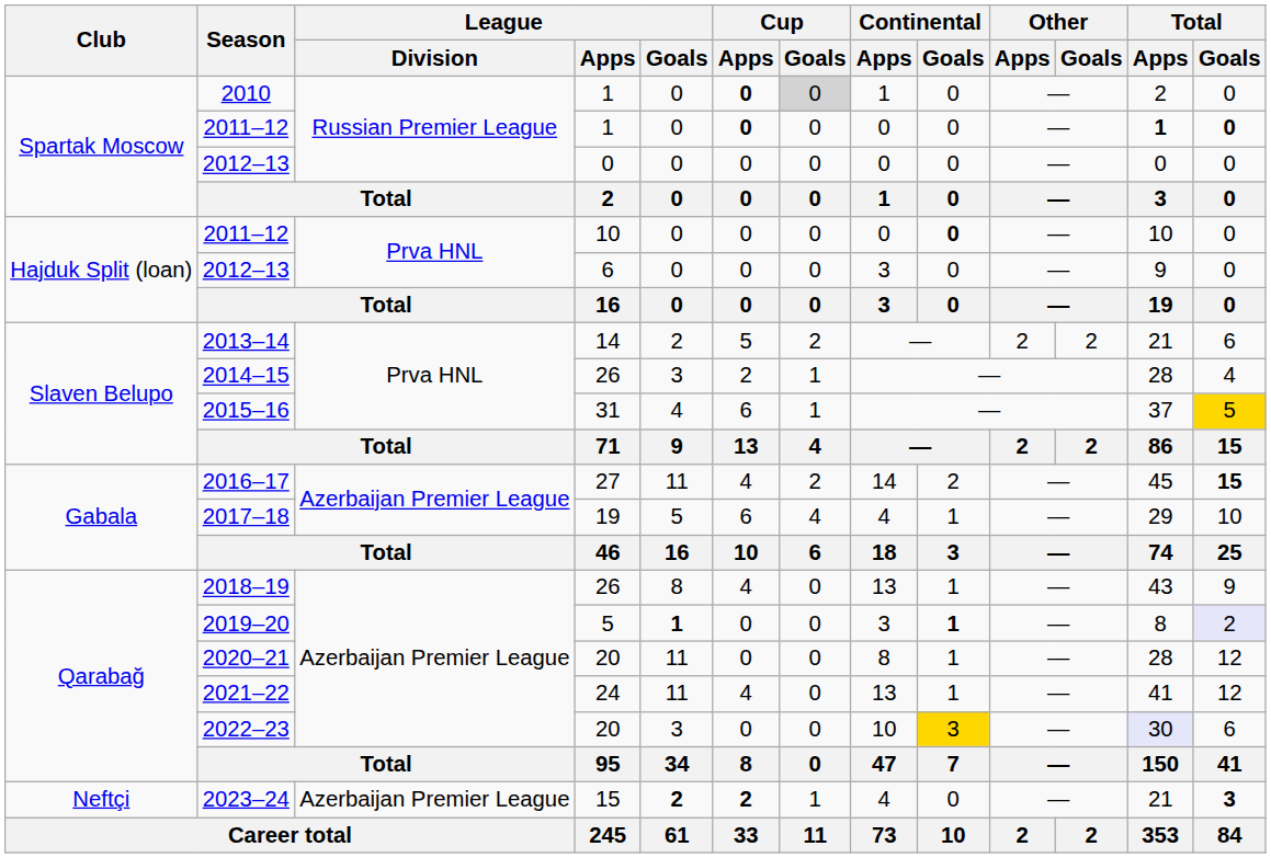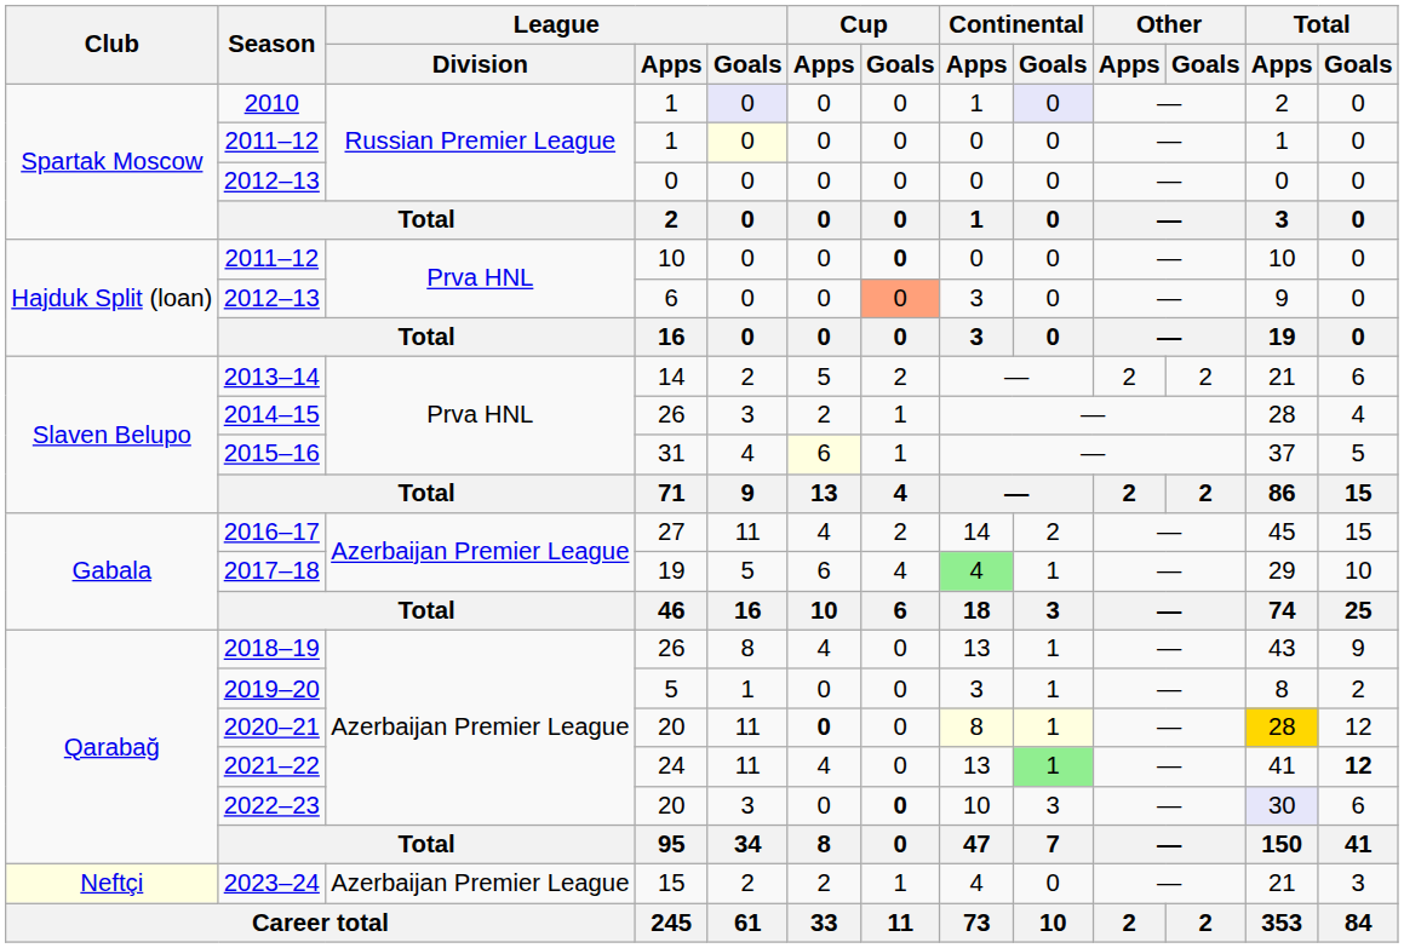 <table class="wikitable" style="text-align:center">
 <tr>
 <th rowspan="2">Club</th>
 <th rowspan="2">Season</th>
 <th colspan="3">League</th>
 <th colspan="2">Cup</th>
 <th colspan="2">Continental</th>
 <th colspan="2">Other</th>
 <th colspan="2">Total</th>
 </tr>
 <tr>
 <th>Division</th>
 <th>Apps</th>
 <th>Goals</th>
 <th>Apps</th>
 <th>Goals</th>
 <th>Apps</th>
 <th>Goals</th>
 <th>Apps</th>
 <th>Goals</th>
 <th>Apps</th>
 <th>Goals</th>
 </tr>
 <tr>
 <td rowspan="4"><a href='#'>Spartak Moscow</a></td>
 <td><a href='#'>2010</a></td>
 <td rowspan="3"><a href='#'>Russian Premier League</a></td>
 <td>1</td>
+<td style="background: lavender;">0</td>
 <td>0</td>
-<td><strong>0</strong></td>
-<td style="background: lightgrey;">0</td>
+<td>0</td>
 <td>1</td>
-<td>0</td>
+<td style="background: lavender;">0</td>
 <td colspan="2">—</td>
 <td>2</td>
 <td>0</td>
 </tr>
 <tr>
 <td><a href='#'>2011–12</a></td>
 <td>1</td>
+<td style="background: lightyellow;">0</td>
 <td>0</td>
-<td><strong>0</strong></td>
 <td>0</td>
 <td>0</td>
 <td>0</td>
 <td colspan="2">—</td>
-<td><strong>1</strong></td>
-<td><strong>0</strong></td>
+<td>1</td>
+<td>0</td>
 </tr>
 <tr>
 <td><a href='#'>2012–13</a></td>
 <td>0</td>
 <td>0</td>
 <td>0</td>
 <td>0</td>
 <td>0</td>
 <td>0</td>
 <td colspan="2">—</td>
 <td>0</td>
 <td>0</td>
 </tr>
 <tr>
 <th colspan="2">Total</th>
 <th>2</th>
 <th>0</th>
 <th>0</th>
 <th>0</th>
 <th>1</th>
 <th>0</th>
 <th colspan="2">—</th>
 <th>3</th>
 <th>0</th>
 </tr>
 <tr>
 <td rowspan="3"><a href='#'>Hajduk Split</a> (loan)</td>
 <td><a href='#'>2011–12</a></td>
 <td rowspan="2"><a href='#'>Prva HNL</a></td>
 <td>10</td>
 <td>0</td>
 <td>0</td>
+<td><strong>0</strong></td>
 <td>0</td>
 <td>0</td>
-<td><strong>0</strong></td>
 <td colspan="2">—</td>
 <td>10</td>
 <td>0</td>
 </tr>
 <tr>
 <td><a href='#'>2012–13</a></td>
 <td>6</td>
 <td>0</td>
 <td>0</td>
-<td>0</td>
+<td style="background: lightsalmon;">0</td>
 <td>3</td>
 <td>0</td>
 <td colspan="2">—</td>
 <td>9</td>
 <td>0</td>
 </tr>
 <tr>
 <th colspan="2">Total</th>
 <th>16</th>
 <th>0</th>
 <th>0</th>
 <th>0</th>
 <th>3</th>
 <th>0</th>
 <th colspan="2">—</th>
 <th>19</th>
 <th>0</th>
 </tr>
 <tr>
 <td rowspan="4"><a href='#'>Slaven Belupo</a></td>
 <td><a href='#'>2013–14</a></td>
 <td rowspan="3">Prva HNL</td>
 <td>14</td>
 <td>2</td>
 <td>5</td>
 <td>2</td>
 <td colspan="2">—</td>
 <td>2</td>
 <td>2</td>
 <td>21</td>
 <td>6</td>
 </tr>
 <tr>
 <td><a href='#'>2014–15</a></td>
 <td>26</td>
 <td>3</td>
 <td>2</td>
 <td>1</td>
 <td colspan="4">—</td>
 <td>28</td>
 <td>4</td>
 </tr>
 <tr>
 <td><a href='#'>2015–16</a></td>
 <td>31</td>
 <td>4</td>
-<td>6</td>
+<td style="background: lightyellow;">6</td>
 <td>1</td>
 <td colspan="4">—</td>
 <td>37</td>
-<td style="background: gold;">5</td>
+<td>5</td>
 </tr>
 <tr>
 <th colspan="2">Total</th>
 <th>71</th>
 <th>9</th>
 <th>13</th>
 <th>4</th>
 <th colspan="2">—</th>
 <th>2</th>
 <th>2</th>
 <th>86</th>
 <th>15</th>
 </tr>
 <tr>
 <td rowspan="3"><a href='#'>Gabala</a></td>
 <td><a href='#'>2016–17</a></td>
 <td rowspan="2"><a href='#'>Azerbaijan Premier League</a></td>
 <td>27</td>
 <td>11</td>
 <td>4</td>
 <td>2</td>
 <td>14</td>
 <td>2</td>
 <td colspan="2">—</td>
 <td>45</td>
-<td><strong>15</strong></td>
+<td>15</td>
 </tr>
 <tr>
 <td><a href='#'>2017–18</a></td>
 <td>19</td>
 <td>5</td>
 <td>6</td>
 <td>4</td>
-<td>4</td>
+<td style="background: lightgreen;">4</td>
 <td>1</td>
 <td colspan="2">—</td>
 <td>29</td>
 <td>10</td>
 </tr>
 <tr>
 <th colspan="2">Total</th>
 <th>46</th>
 <th>16</th>
 <th>10</th>
 <th>6</th>
 <th>18</th>
 <th>3</th>
 <th colspan="2">—</th>
 <th>74</th>
 <th>25</th>
 </tr>
 <tr>
 <td rowspan="6"><a href='#'>Qarabağ</a></td>
 <td><a href='#'>2018–19</a></td>
 <td rowspan="5">Azerbaijan Premier League</td>
 <td>26</td>
 <td>8</td>
 <td>4</td>
 <td>0</td>
 <td>13</td>
 <td>1</td>
 <td colspan="2">—</td>
 <td>43</td>
 <td>9</td>
 </tr>
 <tr>
 <td><a href='#'>2019–20</a></td>
 <td>5</td>
-<td><strong>1</strong></td>
+<td>1</td>
 <td>0</td>
 <td>0</td>
 <td>3</td>
-<td><strong>1</strong></td>
+<td>1</td>
 <td colspan="2">—</td>
 <td>8</td>
-<td style="background: lavender;">2</td>
+<td>2</td>
 </tr>
 <tr>
 <td><a href='#'>2020–21</a></td>
 <td>20</td>
 <td>11</td>
+<td><strong>0</strong></td>
 <td>0</td>
-<td>0</td>
-<td>8</td>
-<td>1</td>
+<td style="background: lightyellow;">8</td>
+<td style="background: lightyellow;">1</td>
 <td colspan="2">—</td>
-<td>28</td>
+<td style="background: gold;">28</td>
 <td>12</td>
 </tr>
 <tr>
 <td><a href='#'>2021–22</a></td>
 <td>24</td>
 <td>11</td>
 <td>4</td>
 <td>0</td>
 <td>13</td>
-<td>1</td>
+<td style="background: lightgreen;">1</td>
 <td colspan="2">—</td>
 <td>41</td>
-<td>12</td>
+<td><strong>12</strong></td>
 </tr>
 <tr>
 <td><a href='#'>2022–23</a></td>
 <td>20</td>
 <td>3</td>
 <td>0</td>
-<td>0</td>
+<td><strong>0</strong></td>
 <td>10</td>
-<td style="background: gold;">3</td>
+<td>3</td>
 <td colspan="2">—</td>
 <td style="background: lavender;">30</td>
 <td>6</td>
 </tr>
 <tr>
 <th colspan="2">Total</th>
 <th>95</th>
 <th>34</th>
 <th>8</th>
 <th>0</th>
 <th>47</th>
 <th>7</th>
 <th colspan="2">—</th>
 <th>150</th>
 <th>41</th>
 </tr>
 <tr>
-<td><a href='#'>Neftçi</a></td>
+<td style="background: lightyellow;"><a href='#'>Neftçi</a></td>
 <td><a href='#'>2023–24</a></td>
 <td>Azerbaijan Premier League</td>
 <td>15</td>
-<td><strong>2</strong></td>
-<td><strong>2</strong></td>
+<td>2</td>
+<td>2</td>
 <td>1</td>
 <td>4</td>
 <td>0</td>
 <td colspan="2">—</td>
 <td>21</td>
-<td><strong>3</strong></td>
+<td>3</td>
 </tr>
 <tr>
 <th colspan="3">Career total</th>
 <th>245</th>
 <th>61</th>
 <th>33</th>
 <th>11</th>
 <th>73</th>
 <th>10</th>
 <th>2</th>
 <th>2</th>
 <th>353</th>
 <th>84</th>
 </tr>
 </table>
